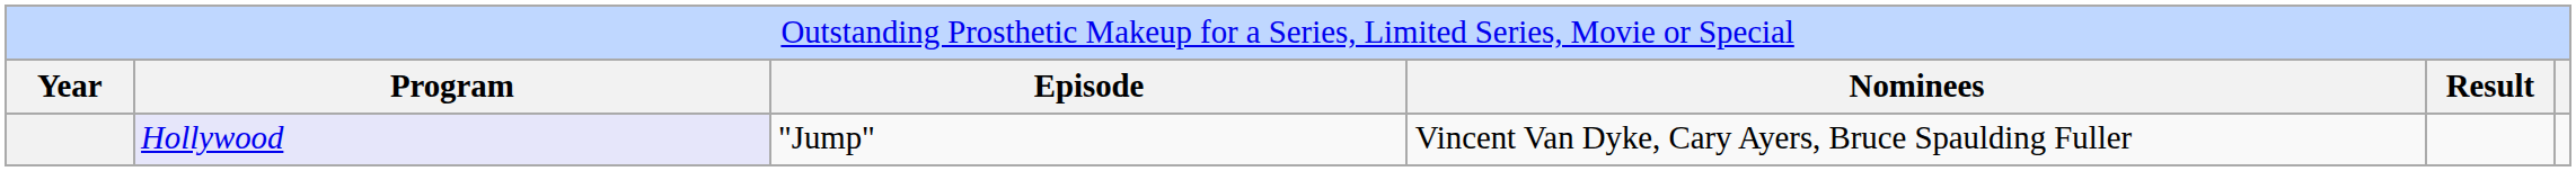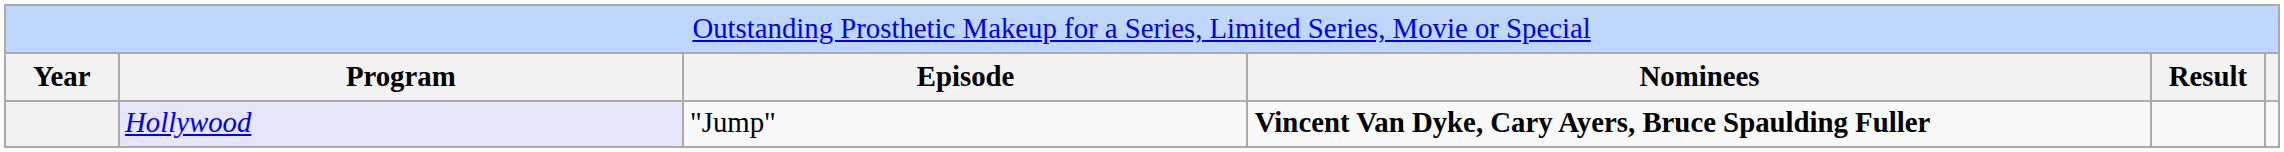 <table class="wikitable plainrowheaders" style="font-size: 90%" width=90%>
 <tr>
 </tr>
 <tr ---- bgcolor="#bfd7ff">
 <td colspan=6 align=center><a href='#'>Outstanding Prosthetic Makeup for a Series, Limited Series, Movie or Special</a></td>
 </tr>
 <tr ---- bgcolor="#ebf5ff">
 <th width="5%">Year</th>
 <th width="25%">Program</th>
 <th width="25%">Episode</th>
 <th width="40%">Nominees</th>
 <th width="13%">Result</th>
 <th width="5%"></th>
 </tr>
 <tr>
 <th scope=row></th>
 <td style="background: lavender;"><em><a href='#'>Hollywood</a></em></td>
 <td>"Jump"</td>
-<td>Vincent Van Dyke, Cary Ayers, Bruce Spaulding Fuller</td>
+<td><strong>Vincent Van Dyke, Cary Ayers, Bruce Spaulding Fuller</strong></td>
 <td></td>
 <td></td>
 </tr>
 <tr>
 </tr>
 </table>
